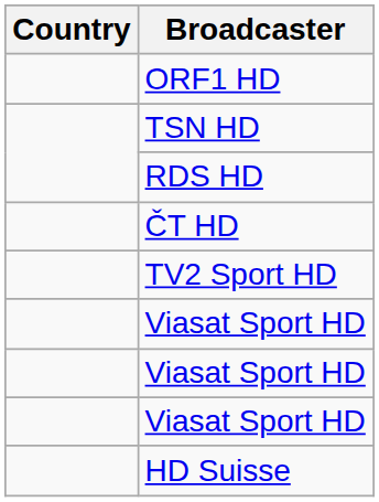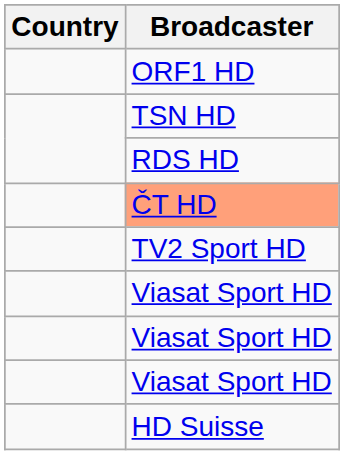 <table class="wikitable" style="float:left; margin-right:1em">
 <tr>
 <th>Country</th>
 <th>Broadcaster</th>
 </tr>
 <tr>
 <td align=left></td>
 <td><a href='#'>ORF1 HD</a></td>
 </tr>
 <tr>
 <td align=left rowspan="2"></td>
 <td><a href='#'>TSN HD</a></td>
 </tr>
 <tr>
 <td><a href='#'>RDS HD</a></td>
 </tr>
 <tr>
 <td align=left></td>
-<td><a href='#'>ČT HD</a></td>
+<td style="background: lightsalmon;"><a href='#'>ČT HD</a></td>
 </tr>
 <tr>
 <td align=left></td>
 <td><a href='#'>TV2 Sport HD</a></td>
 </tr>
 <tr>
 <td align=left></td>
 <td><a href='#'>Viasat Sport HD</a></td>
 </tr>
 <tr>
 <td align=left></td>
 <td><a href='#'>Viasat Sport HD</a></td>
 </tr>
 <tr>
 <td align=left></td>
 <td><a href='#'>Viasat Sport HD</a></td>
 </tr>
 <tr>
 <td align=left></td>
 <td><a href='#'>HD Suisse</a></td>
 </tr>
 </table>
